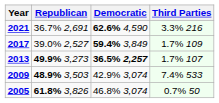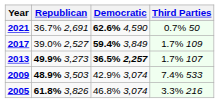 <table class="wikitable" style="float:right; font-size:95%;">
 <tr bgcolor=lightgrey>
 <th>Year</th>
 <th><a href='#'>Republican</a></th>
 <th><a href='#'>Democratic</a></th>
 <th><a href='#'>Third Parties</a></th>
 </tr>
 <tr>
 <td style="text-align:center; "><strong><a href='#'>2021</a></strong></td>
 <td style="text-align:center; ">36.7% <em>2,691</em></td>
 <td style="text-align:center; "><strong>62.6%</strong>  <em>4,590</em></td>
-<td style="text-align:center; background:honeyDew;">3.3% <em>216</em></td>
+<td style="text-align:center; background:honeyDew;">0.7% <em>50</em></td>
 </tr>
 <tr>
 <td style="text-align:center; "><strong><a href='#'>2017</a></strong></td>
 <td style="text-align:center; ">39.0% <em>2,527</em></td>
 <td style="text-align:center; "><strong>59.4%</strong>  <em>3,849</em></td>
 <td style="text-align:center; background:honeyDew;">1.7% <em>109</em></td>
 </tr>
 <tr>
 <td style="text-align:center; "><strong><a href='#'>2013</a></strong></td>
 <td style="text-align:center; "><strong>49.9%</strong> <em>3,273</em></td>
 <td style="text-align:center; "><strong>36.5%  <em>2,257</em></strong></td>
 <td style="text-align:center; background:honeyDew;">1.7% <em>107</em></td>
 </tr>
 <tr>
 <td style="text-align:center; "><strong><a href='#'>2009</a></strong></td>
 <td style="text-align:center; "><strong>48.9%</strong> <em>3,503</em></td>
 <td style="text-align:center; ">42.9%  <em>3,074</em></td>
 <td style="text-align:center; background:honeyDew;">7.4% <em>533</em></td>
 </tr>
 <tr>
 <td style="text-align:center; "><strong><a href='#'>2005</a></strong></td>
 <td style="text-align:center; "><strong>61.8%</strong> <em>3,826</em></td>
 <td style="text-align:center; ">46.8% <em>3,074</em></td>
-<td style="text-align:center; background:honeyDew;">0.7% <em>50</em></td>
+<td style="text-align:center; background:honeyDew;">3.3% <em>216</em></td>
 </tr>
 </table>
